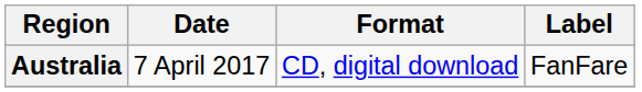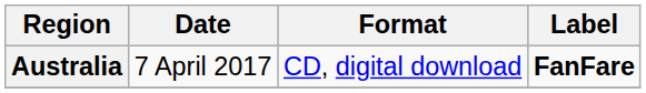 <table class="wikitable plainrowheaders">
 <tr>
 <th scope="col">Region</th>
 <th scope="col">Date</th>
 <th scope="col">Format</th>
 <th scope="col">Label</th>
 </tr>
 <tr>
 <th scope="row">Australia</th>
 <td>7 April 2017 </td>
 <td><a href='#'>CD</a>, <a href='#'>digital download</a></td>
-<td>FanFare</td>
+<td><strong>FanFare</strong></td>
 </tr>
 <tr>
 </tr>
 </table>
